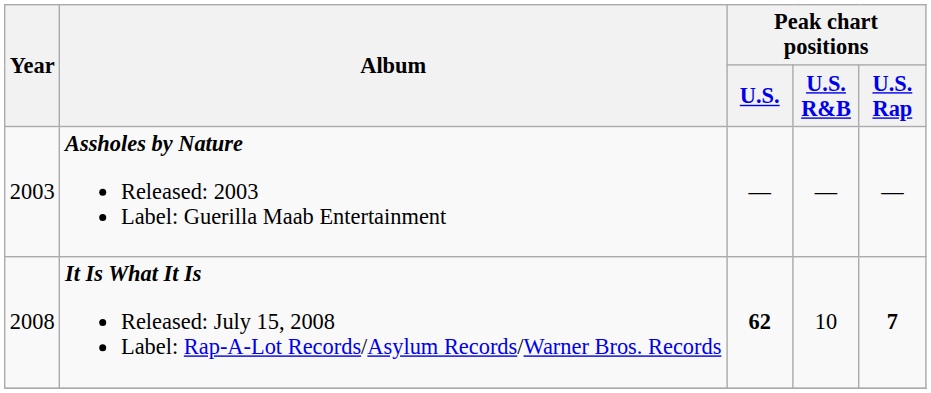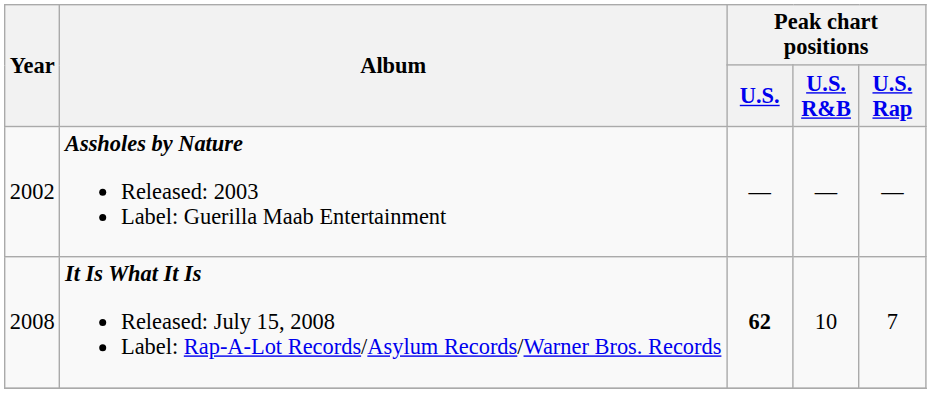 <table class="wikitable">
 <tr>
 <th rowspan="2">Year</th>
 <th rowspan="2">Album</th>
 <th colspan="3">Peak chart positions</th>
 </tr>
 <tr>
 <th width=40><a href='#'>U.S.</a></th>
 <th width=40><a href='#'>U.S. R&B</a></th>
 <th width=40><a href='#'>U.S. Rap</a></th>
 </tr>
 <tr>
-<td>2003</td>
+<td>2002</td>
 <td><strong><em>Assholes by Nature</em></strong><br><ul><li>Released: 2003</li><li>Label: Guerilla Maab Entertainment</li></ul></td>
 <td align="center">—</td>
 <td align="center">—</td>
 <td align="center">—</td>
 </tr>
 <tr>
 <td>2008</td>
 <td><strong><em>It Is What It Is</em></strong><br><ul><li>Released: July 15, 2008</li><li>Label: <a href='#'>Rap-A-Lot Records</a>/<a href='#'>Asylum Records</a>/<a href='#'>Warner Bros. Records</a></li></ul></td>
 <td align="center"><strong>62</strong></td>
 <td align="center">10</td>
-<td align="center"><strong>7</strong></td>
+<td align="center">7</td>
 </tr>
 <tr>
 </tr>
 </table>
